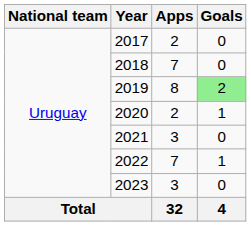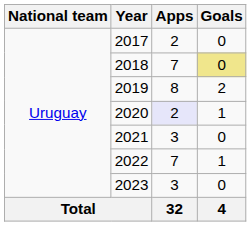 <table class="wikitable" style="text-align:center">
 <tr>
 <th>National team</th>
 <th>Year</th>
 <th>Apps</th>
 <th>Goals</th>
 </tr>
 <tr>
 <td rowspan="7"><a href='#'>Uruguay</a></td>
 <td>2017</td>
 <td>2</td>
 <td>0</td>
 </tr>
 <tr>
 <td>2018</td>
 <td>7</td>
-<td>0</td>
+<td style="background: khaki;">0</td>
 </tr>
 <tr>
 <td>2019</td>
 <td>8</td>
-<td style="background: lightgreen;">2</td>
+<td>2</td>
 </tr>
 <tr>
 <td>2020</td>
-<td>2</td>
+<td style="background: lavender;">2</td>
 <td>1</td>
 </tr>
 <tr>
 <td>2021</td>
 <td>3</td>
 <td>0</td>
 </tr>
 <tr>
 <td>2022</td>
 <td>7</td>
 <td>1</td>
 </tr>
 <tr>
 <td>2023</td>
 <td>3</td>
 <td>0</td>
 </tr>
 <tr>
 <th colspan="2">Total</th>
 <th>32</th>
 <th>4</th>
 </tr>
 </table>
